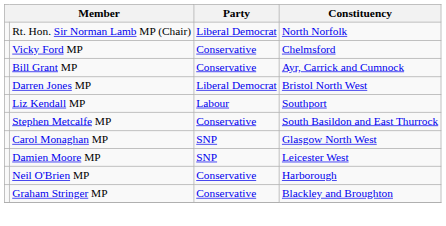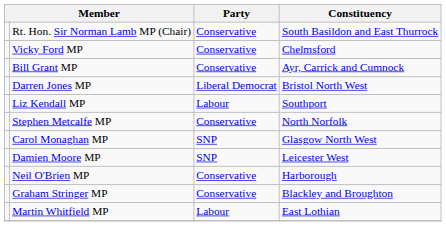 <table class="wikitable">
 <tr>
 <th colspan="2" valign="top">Member</th>
 <th valign="top">Party</th>
 <th valign="top">Constituency</th>
 </tr>
 <tr>
 <td style="color:inherit;background:"></td>
 <td>Rt. Hon. <a href='#'>Sir Norman Lamb</a> MP (Chair)</td>
-<td><a href='#'>Liberal Democrat</a></td>
-<td><a href='#'>North Norfolk</a></td>
+<td><a href='#'>Conservative</a></td>
+<td><a href='#'>South Basildon and East Thurrock</a></td>
 </tr>
 <tr>
 <td style="color:inherit;background:"></td>
 <td><a href='#'>Vicky Ford</a> MP</td>
 <td><a href='#'>Conservative</a></td>
 <td><a href='#'>Chelmsford</a></td>
 </tr>
 <tr>
 <td style="color:inherit;background:"></td>
 <td><a href='#'>Bill Grant</a> MP</td>
 <td><a href='#'>Conservative</a></td>
 <td><a href='#'>Ayr, Carrick and Cumnock</a></td>
 </tr>
 <tr>
 <td style="color:inherit;background:"></td>
 <td><a href='#'>Darren Jones</a> MP</td>
 <td><a href='#'>Liberal Democrat</a></td>
 <td><a href='#'>Bristol North West</a></td>
 </tr>
 <tr>
 <td style="color:inherit;background:"></td>
 <td><a href='#'>Liz Kendall</a> MP</td>
 <td><a href='#'>Labour</a></td>
 <td><a href='#'>Southport</a></td>
 </tr>
 <tr>
 <td style="color:inherit;background:"></td>
 <td><a href='#'>Stephen Metcalfe</a> MP</td>
 <td><a href='#'>Conservative</a></td>
-<td><a href='#'>South Basildon and East Thurrock</a></td>
+<td><a href='#'>North Norfolk</a></td>
 </tr>
 <tr>
 <td style="color:inherit;background:"></td>
 <td><a href='#'>Carol Monaghan</a> MP</td>
 <td><a href='#'>SNP</a></td>
 <td><a href='#'>Glasgow North West</a></td>
 </tr>
 <tr>
 <td style="color:inherit;background:"></td>
 <td><a href='#'>Damien Moore</a> MP</td>
 <td><a href='#'>SNP</a></td>
 <td><a href='#'>Leicester West</a></td>
 </tr>
 <tr>
 <td style="color:inherit;background:"></td>
 <td><a href='#'>Neil O'Brien</a> MP</td>
 <td><a href='#'>Conservative</a></td>
 <td><a href='#'>Harborough</a></td>
 </tr>
 <tr>
 <td style="color:inherit;background:"></td>
 <td><a href='#'>Graham Stringer</a> MP</td>
 <td><a href='#'>Conservative</a></td>
 <td><a href='#'>Blackley and Broughton</a></td>
 </tr>
 <tr>
+<td style="color:inherit;background:"></td>
+<td><a href='#'>Martin Whitfield</a> MP</td>
+<td><a href='#'>Labour</a></td>
+<td><a href='#'>East Lothian</a></td>
+</tr>
+<tr>
 </tr>
 </table>
